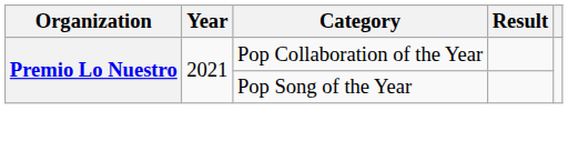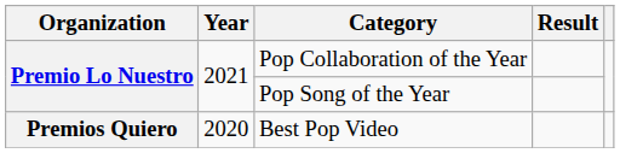 <table class="wikitable sortable plainrowheaders" style="border:none; margin:0;">
 <tr>
 <th scope="col">Organization</th>
 <th scope="col">Year</th>
 <th scope="col">Category</th>
 <th scope="col">Result</th>
 <th class="unsortable" scope="col"></th>
 </tr>
 <tr>
 <th scope="row" rowspan="2"><a href='#'>Premio Lo Nuestro</a></th>
 <td rowspan="2">2021</td>
 <td>Pop Collaboration of the Year</td>
 <td></td>
 <td style="text-align:center;" rowspan="2"></td>
 </tr>
 <tr>
 <td>Pop Song of the Year</td>
 <td></td>
 </tr>
 <tr>
+<th scope="row">Premios Quiero</th>
+<td>2020</td>
+<td>Best Pop Video</td>
+<td></td>
+<td style="text-align:center;"></td>
+</tr>
+<tr>
 </tr>
 </table>
